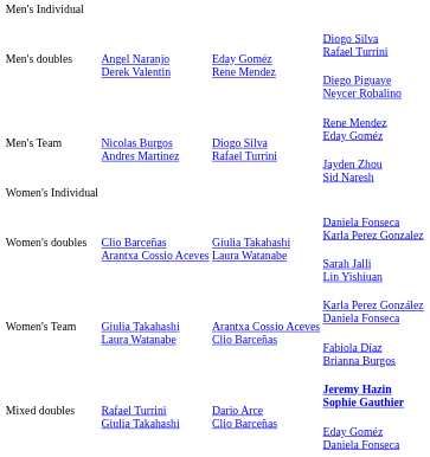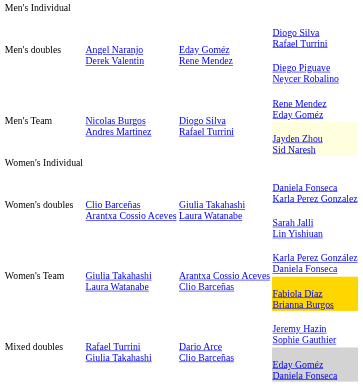 <table>
 <tr>
 <td rowspan=2>Men's Individual</td>
 <td rowspan=2></td>
 <td rowspan=2></td>
 <td></td>
 </tr>
 <tr>
 <td></td>
 </tr>
 <tr>
 <td rowspan=2>Men's doubles</td>
 <td rowspan=2><br><a href='#'>Angel Naranjo</a><br><a href='#'>Derek Valentin</a></td>
 <td rowspan=2><br><a href='#'>Eday Goméz</a><br><a href='#'>Rene Mendez</a></td>
 <td><br><a href='#'>Diogo Silva</a><br><a href='#'>Rafael Turrini</a></td>
 </tr>
 <tr>
 <td><br><a href='#'>Diego Piguave</a><br><a href='#'>Neycer Robalino</a></td>
 </tr>
 <tr>
 <td rowspan=2>Men's Team</td>
 <td rowspan=2><br><a href='#'>Nicolas Burgos</a><br><a href='#'>Andres Martinez</a></td>
 <td rowspan=2><br><a href='#'>Diogo Silva</a><br><a href='#'>Rafael Turrini</a></td>
 <td><br><a href='#'>Rene Mendez</a><br><a href='#'>Eday Goméz</a></td>
 </tr>
 <tr>
-<td><br><a href='#'>Jayden Zhou</a><br><a href='#'>Sid Naresh</a></td>
+<td style="background: lightyellow;"><br><a href='#'>Jayden Zhou</a><br><a href='#'>Sid Naresh</a></td>
 </tr>
 <tr>
 <td rowspan=2>Women's Individual</td>
 <td rowspan=2></td>
 <td rowspan=2></td>
 <td></td>
 </tr>
 <tr>
 <td></td>
 </tr>
 <tr>
 <td rowspan=2>Women's doubles</td>
 <td rowspan=2><br><a href='#'>Clio Barceñas</a><br><a href='#'>Arantxa Cossio Aceves</a></td>
 <td rowspan=2><br><a href='#'>Giulia Takahashi</a><br><a href='#'>Laura Watanabe</a></td>
 <td><br><a href='#'>Daniela Fonseca</a><br><a href='#'>Karla Perez Gonzalez</a></td>
 </tr>
 <tr>
 <td><br><a href='#'>Sarah Jalli</a><br><a href='#'>Lin Yishiuan</a></td>
 </tr>
 <tr>
 <td rowspan=2>Women's Team</td>
 <td rowspan=2><br><a href='#'>Giulia Takahashi</a><br><a href='#'>Laura Watanabe</a></td>
 <td rowspan=2><br><a href='#'>Arantxa Cossio Aceves</a><br><a href='#'>Clio Barceñas</a></td>
 <td><br><a href='#'>Karla Perez González</a><br><a href='#'>Daniela Fonseca</a></td>
 </tr>
 <tr>
-<td><br><a href='#'>Fabiola Díaz</a><br><a href='#'>Brianna Burgos</a></td>
+<td style="background: gold;"><br><a href='#'>Fabiola Díaz</a><br><a href='#'>Brianna Burgos</a></td>
 </tr>
 <tr>
 <td rowspan=2>Mixed doubles</td>
 <td rowspan=2><br><a href='#'>Rafael Turrini</a><br><a href='#'>Giulia Takahashi</a></td>
 <td rowspan=2><br><a href='#'>Dario Arce</a><br><a href='#'>Clio Barceñas</a></td>
-<td><strong><br><a href='#'>Jeremy Hazin</a><br><a href='#'>Sophie Gauthier</a></strong></td>
+<td><br><a href='#'>Jeremy Hazin</a><br><a href='#'>Sophie Gauthier</a></td>
 </tr>
 <tr>
-<td><br><a href='#'>Eday Goméz</a><br><a href='#'>Daniela Fonseca</a></td>
+<td style="background: lightgrey;"><br><a href='#'>Eday Goméz</a><br><a href='#'>Daniela Fonseca</a></td>
 </tr>
 </table>
